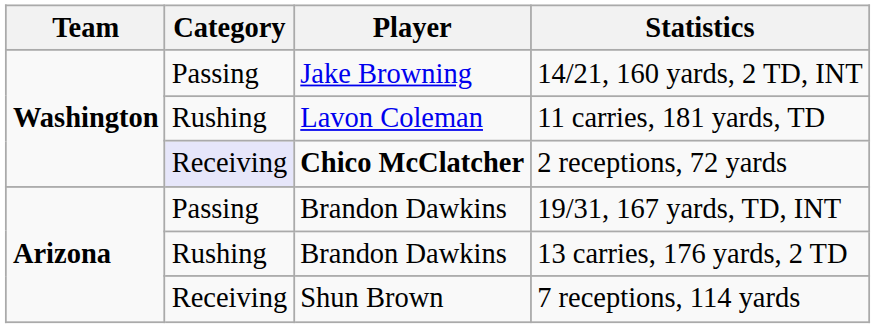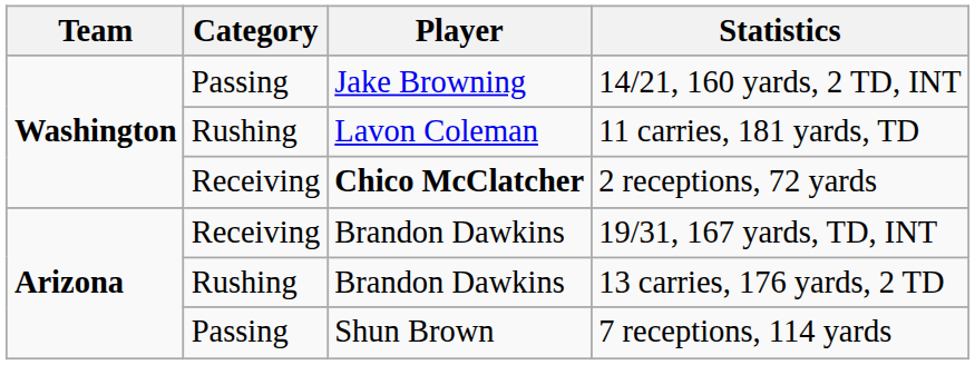 <table class="wikitable" style="float: right;">
 <tr>
 <th>Team</th>
 <th>Category</th>
 <th>Player</th>
 <th>Statistics</th>
 </tr>
 <tr>
 <td rowspan=3><strong>Washington</strong></td>
 <td>Passing</td>
 <td><a href='#'>Jake Browning</a></td>
 <td>14/21, 160 yards, 2 TD, INT</td>
 </tr>
 <tr>
 <td>Rushing</td>
 <td><a href='#'>Lavon Coleman</a></td>
 <td>11 carries, 181 yards, TD</td>
 </tr>
 <tr>
-<td style="background: lavender;">Receiving</td>
+<td>Receiving</td>
 <td><strong>Chico McClatcher</strong></td>
 <td>2 receptions, 72 yards</td>
 </tr>
 <tr>
 <td rowspan=3><strong>Arizona</strong></td>
-<td>Passing</td>
+<td>Receiving</td>
 <td>Brandon Dawkins</td>
 <td>19/31, 167 yards, TD, INT</td>
 </tr>
 <tr>
 <td>Rushing</td>
 <td>Brandon Dawkins</td>
 <td>13 carries, 176 yards, 2 TD</td>
 </tr>
 <tr>
-<td>Receiving</td>
+<td>Passing</td>
 <td>Shun Brown</td>
 <td>7 receptions, 114 yards</td>
 </tr>
 </table>
